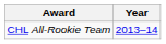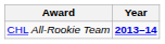 <table class="wikitable">
 <tr>
 <th>Award</th>
 <th>Year</th>
 </tr>
 <tr>
 <td><a href='#'>CHL</a> <em>All-Rookie Team</em></td>
-<td><a href='#'>2013–14</a></td>
+<td><strong><a href='#'>2013–14</a></strong></td>
 </tr>
 </table>
